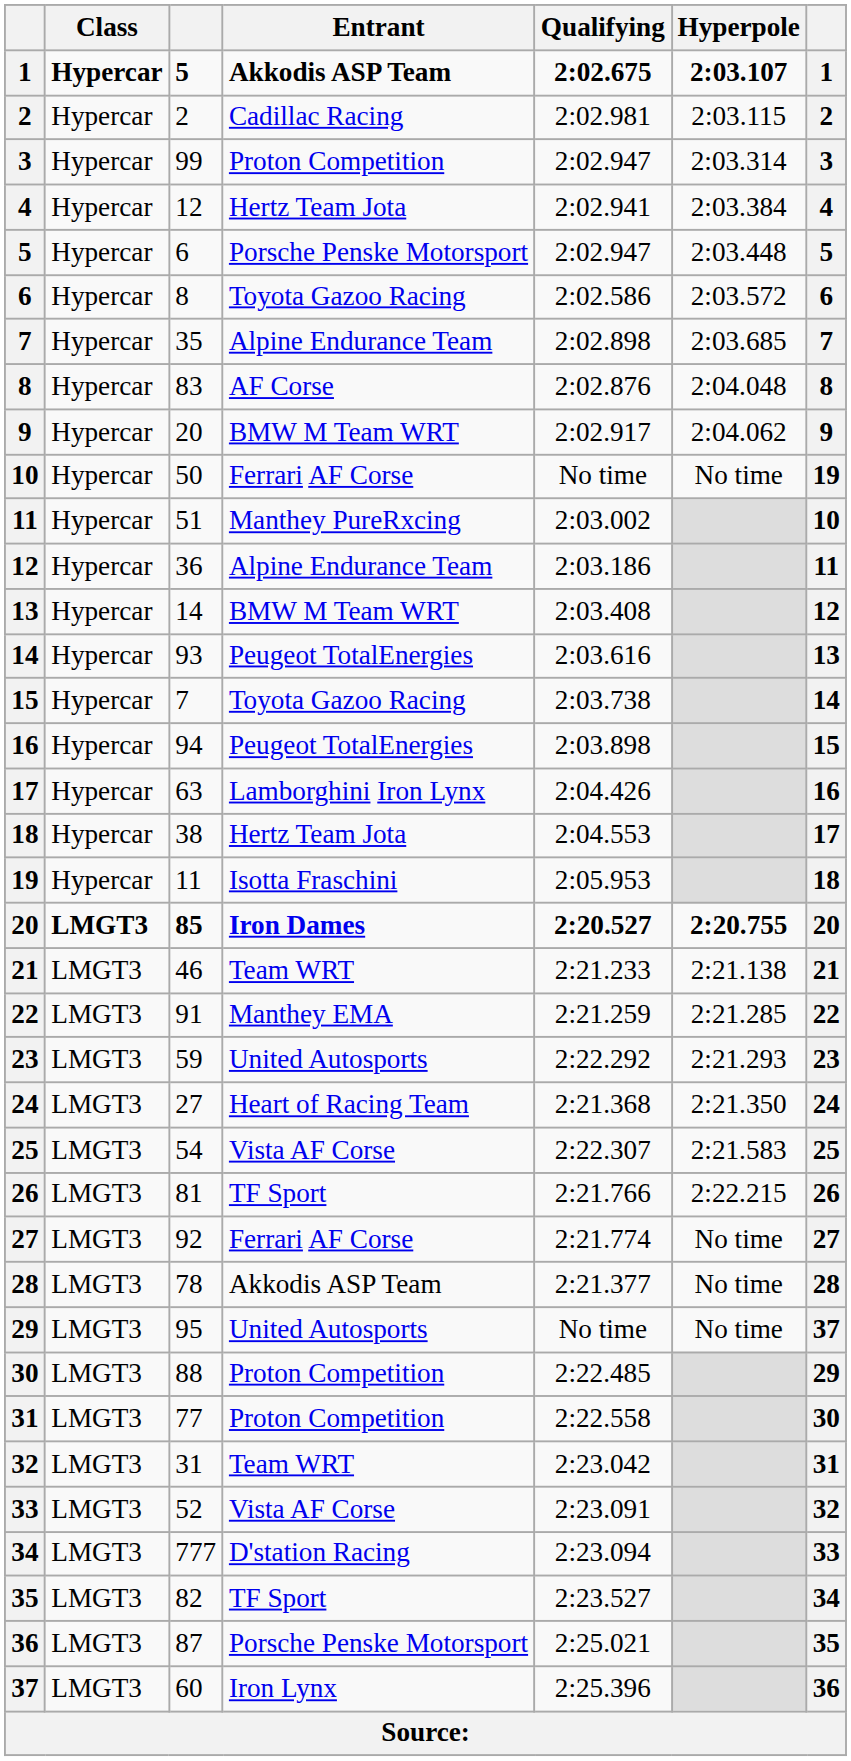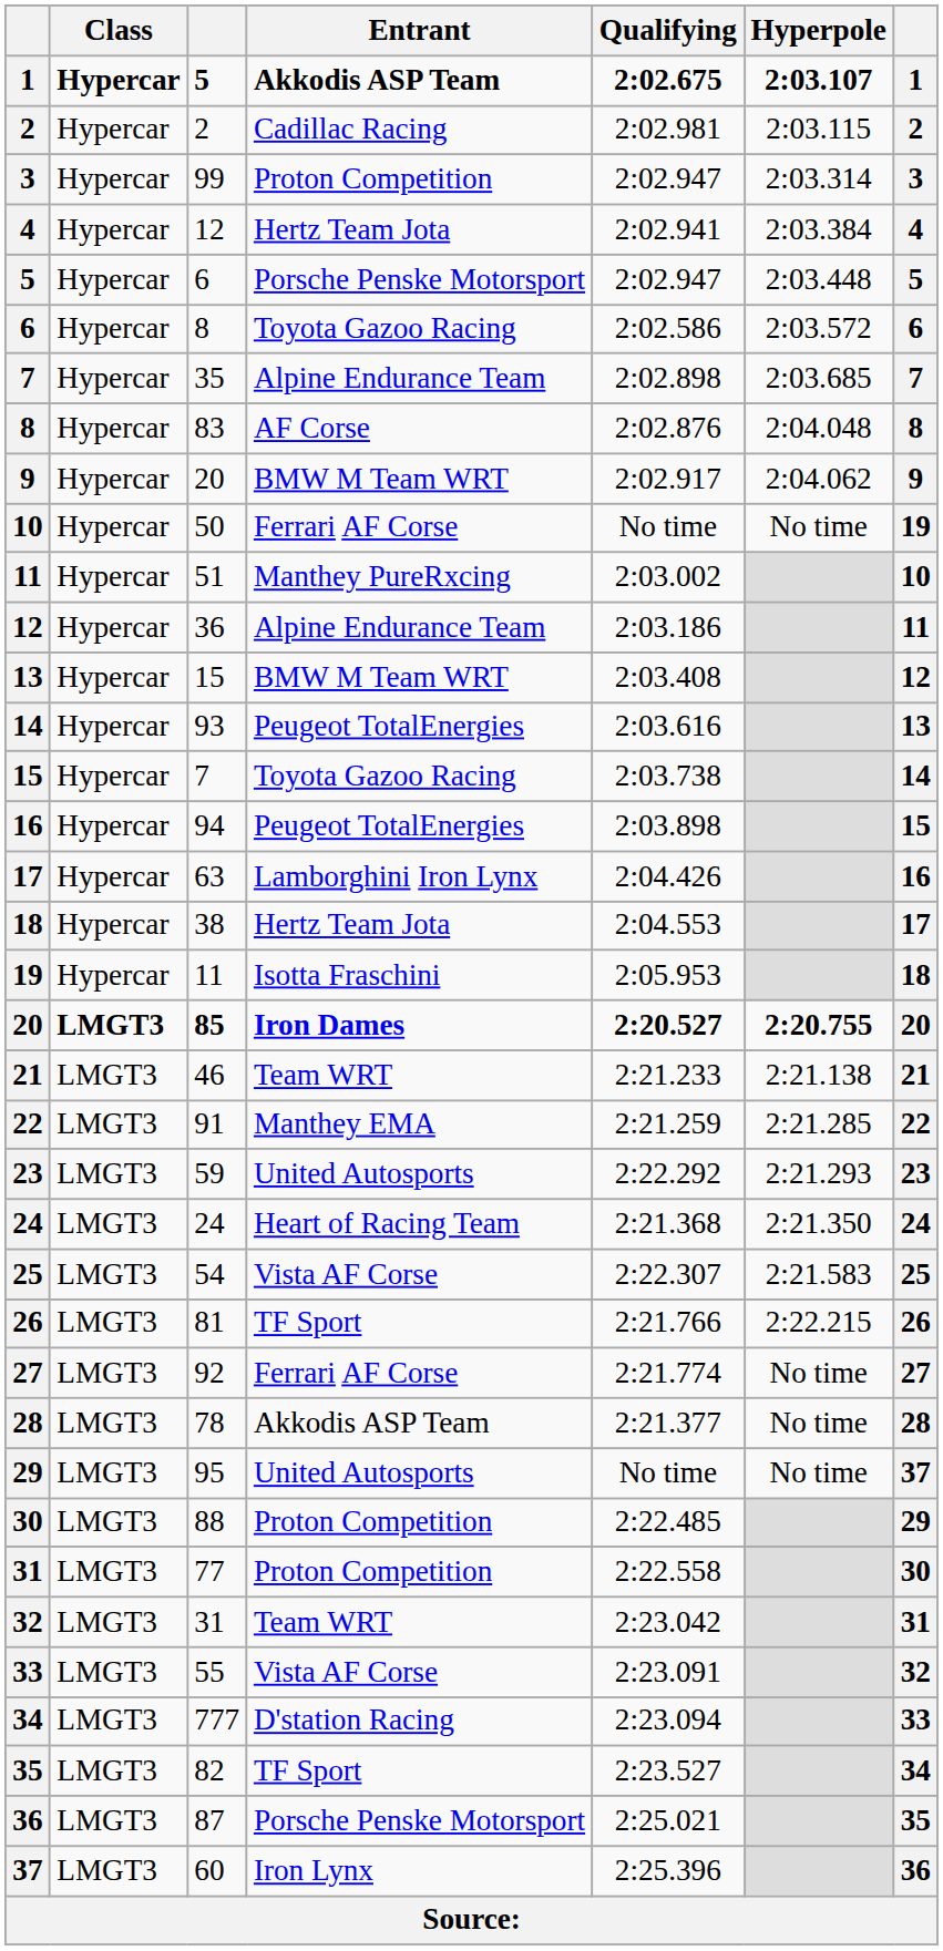 <table class="wikitable sortable" style="font-size:90%;">
 <tr>
 <th></th>
 <th>Class</th>
 <th></th>
 <th>Entrant</th>
 <th>Qualifying</th>
 <th>Hyperpole</th>
 <th></th>
 </tr>
 <tr style="font-weight:bold">
 <th>1</th>
 <td>Hypercar</td>
 <td>5</td>
 <td> Akkodis ASP Team</td>
 <td style="text-align:center;">2:02.675</td>
 <td style="text-align:center;">2:03.107</td>
 <th>1</th>
 </tr>
 <tr>
 <th>2</th>
 <td>Hypercar</td>
 <td>2</td>
 <td> <a href='#'>Cadillac Racing</a></td>
 <td style="text-align:center;">2:02.981</td>
 <td style="text-align:center;">2:03.115</td>
 <th>2</th>
 </tr>
 <tr>
 <th>3</th>
 <td>Hypercar</td>
 <td>99</td>
 <td> <a href='#'>Proton Competition</a></td>
 <td style="text-align:center;">2:02.947</td>
 <td style="text-align:center;">2:03.314</td>
 <th>3</th>
 </tr>
 <tr>
 <th>4</th>
 <td>Hypercar</td>
 <td>12</td>
 <td> <a href='#'>Hertz Team Jota</a></td>
 <td style="text-align:center;">2:02.941</td>
 <td style="text-align:center;">2:03.384</td>
 <th>4</th>
 </tr>
 <tr>
 <th>5</th>
 <td>Hypercar</td>
 <td>6</td>
 <td> <a href='#'>Porsche Penske Motorsport</a></td>
 <td style="text-align:center;">2:02.947</td>
 <td style="text-align:center;">2:03.448</td>
 <th>5</th>
 </tr>
 <tr>
 <th>6</th>
 <td>Hypercar</td>
 <td>8</td>
 <td> <a href='#'>Toyota Gazoo Racing</a></td>
 <td style="text-align:center;">2:02.586</td>
 <td style="text-align:center;">2:03.572</td>
 <th>6</th>
 </tr>
 <tr>
 <th>7</th>
 <td>Hypercar</td>
 <td>35</td>
 <td> <a href='#'>Alpine Endurance Team</a></td>
 <td style="text-align:center;">2:02.898</td>
 <td style="text-align:center;">2:03.685</td>
 <th>7</th>
 </tr>
 <tr>
 <th>8</th>
 <td>Hypercar</td>
 <td>83</td>
 <td> <a href='#'>AF Corse</a></td>
 <td style="text-align:center;">2:02.876</td>
 <td style="text-align:center;">2:04.048</td>
 <th>8</th>
 </tr>
 <tr>
 <th>9</th>
 <td>Hypercar</td>
 <td>20</td>
 <td> <a href='#'>BMW M Team WRT</a></td>
 <td style="text-align:center;">2:02.917</td>
 <td style="text-align:center;">2:04.062</td>
 <th>9</th>
 </tr>
 <tr>
 <th>10</th>
 <td>Hypercar</td>
 <td>50</td>
 <td> <a href='#'>Ferrari</a> <a href='#'>AF Corse</a></td>
 <td style="text-align:center;">No time</td>
 <td style="text-align:center;">No time</td>
 <th>19</th>
 </tr>
 <tr>
 <th>11</th>
 <td>Hypercar</td>
 <td>51</td>
 <td> <a href='#'>Manthey PureRxcing</a></td>
 <td style="text-align:center;">2:03.002</td>
 <td style="text-align:center; background:#ddd;"></td>
 <th>10</th>
 </tr>
 <tr>
 <th>12</th>
 <td>Hypercar</td>
 <td>36</td>
 <td> <a href='#'>Alpine Endurance Team</a></td>
 <td style="text-align:center;">2:03.186</td>
 <td style="text-align:center; background:#ddd;"></td>
 <th>11</th>
 </tr>
 <tr>
 <th>13</th>
 <td>Hypercar</td>
-<td>14</td>
+<td>15</td>
 <td> <a href='#'>BMW M Team WRT</a></td>
 <td style="text-align:center;">2:03.408</td>
 <td style="text-align:center; background:#ddd;"></td>
 <th>12</th>
 </tr>
 <tr>
 <th>14</th>
 <td>Hypercar</td>
 <td>93</td>
 <td> <a href='#'>Peugeot TotalEnergies</a></td>
 <td style="text-align:center;">2:03.616</td>
 <td style="text-align:center; background:#ddd;"></td>
 <th>13</th>
 </tr>
 <tr>
 <th>15</th>
 <td>Hypercar</td>
 <td>7</td>
 <td> <a href='#'>Toyota Gazoo Racing</a></td>
 <td style="text-align:center;">2:03.738</td>
 <td style="text-align:center; background:#ddd;"></td>
 <th>14</th>
 </tr>
 <tr>
 <th>16</th>
 <td>Hypercar</td>
 <td>94</td>
 <td> <a href='#'>Peugeot TotalEnergies</a></td>
 <td style="text-align:center;">2:03.898</td>
 <td style="text-align:center; background:#ddd;"></td>
 <th>15</th>
 </tr>
 <tr>
 <th>17</th>
 <td>Hypercar</td>
 <td>63</td>
 <td> <a href='#'>Lamborghini</a> <a href='#'>Iron Lynx</a></td>
 <td style="text-align:center;">2:04.426</td>
 <td style="text-align:center; background:#ddd;"></td>
 <th>16</th>
 </tr>
 <tr>
 <th>18</th>
 <td>Hypercar</td>
 <td>38</td>
 <td> <a href='#'>Hertz Team Jota</a></td>
 <td style="text-align:center;">2:04.553</td>
 <td style="text-align:center; background:#ddd;"></td>
 <th>17</th>
 </tr>
 <tr>
 <th>19</th>
 <td>Hypercar</td>
 <td>11</td>
 <td> <a href='#'>Isotta Fraschini</a></td>
 <td style="text-align:center;">2:05.953</td>
 <td style="text-align:center; background:#ddd;"></td>
 <th>18</th>
 </tr>
 <tr style="font-weight:bold">
 <th>20</th>
 <td>LMGT3</td>
 <td>85</td>
 <td> <a href='#'>Iron Dames</a></td>
 <td style="text-align:center;">2:20.527</td>
 <td style="text-align:center;">2:20.755</td>
 <th>20</th>
 </tr>
 <tr>
 <th>21</th>
 <td>LMGT3</td>
 <td>46</td>
 <td> <a href='#'>Team WRT</a></td>
 <td style="text-align:center;">2:21.233</td>
 <td style="text-align:center;">2:21.138</td>
 <th>21</th>
 </tr>
 <tr>
 <th>22</th>
 <td>LMGT3</td>
 <td>91</td>
 <td> <a href='#'>Manthey EMA</a></td>
 <td style="text-align:center;">2:21.259</td>
 <td style="text-align:center;">2:21.285</td>
 <th>22</th>
 </tr>
 <tr>
 <th>23</th>
 <td>LMGT3</td>
 <td>59</td>
 <td> <a href='#'>United Autosports</a></td>
 <td style="text-align:center;">2:22.292</td>
 <td style="text-align:center;">2:21.293</td>
 <th>23</th>
 </tr>
 <tr>
 <th>24</th>
 <td>LMGT3</td>
-<td>27</td>
+<td>24</td>
 <td> <a href='#'>Heart of Racing Team</a></td>
 <td style="text-align:center;">2:21.368</td>
 <td style="text-align:center;">2:21.350</td>
 <th>24</th>
 </tr>
 <tr>
 <th>25</th>
 <td>LMGT3</td>
 <td>54</td>
 <td> <a href='#'>Vista AF Corse</a></td>
 <td style="text-align:center;">2:22.307</td>
 <td style="text-align:center;">2:21.583</td>
 <th>25</th>
 </tr>
 <tr>
 <th>26</th>
 <td>LMGT3</td>
 <td>81</td>
 <td> <a href='#'>TF Sport</a></td>
 <td style="text-align:center;">2:21.766</td>
 <td style="text-align:center;">2:22.215</td>
 <th>26</th>
 </tr>
 <tr>
 <th>27</th>
 <td>LMGT3</td>
 <td>92</td>
 <td> <a href='#'>Ferrari</a> <a href='#'>AF Corse</a></td>
 <td style="text-align:center;">2:21.774</td>
 <td style="text-align:center;">No time</td>
 <th>27</th>
 </tr>
 <tr>
 <th>28</th>
 <td>LMGT3</td>
 <td>78</td>
 <td> Akkodis ASP Team</td>
 <td style="text-align:center;">2:21.377</td>
 <td style="text-align:center;">No time</td>
 <th>28</th>
 </tr>
 <tr>
 <th>29</th>
 <td>LMGT3</td>
 <td>95</td>
 <td> <a href='#'>United Autosports</a></td>
 <td style="text-align:center;">No time</td>
 <td style="text-align:center;">No time</td>
 <th>37</th>
 </tr>
 <tr>
 <th>30</th>
 <td>LMGT3</td>
 <td>88</td>
 <td> <a href='#'>Proton Competition</a></td>
 <td style="text-align:center;">2:22.485</td>
 <td style="text-align:center; background:#ddd;"></td>
 <th>29</th>
 </tr>
 <tr>
 <th>31</th>
 <td>LMGT3</td>
 <td>77</td>
 <td> <a href='#'>Proton Competition</a></td>
 <td style="text-align:center;">2:22.558</td>
 <td style="text-align:center; background:#ddd;"></td>
 <th>30</th>
 </tr>
 <tr>
 <th>32</th>
 <td>LMGT3</td>
 <td>31</td>
 <td> <a href='#'>Team WRT</a></td>
 <td style="text-align:center;">2:23.042</td>
 <td style="text-align:center; background:#ddd;"></td>
 <th>31</th>
 </tr>
 <tr>
 <th>33</th>
 <td>LMGT3</td>
-<td>52</td>
+<td>55</td>
 <td> <a href='#'>Vista AF Corse</a></td>
 <td style="text-align:center;">2:23.091</td>
 <td style="text-align:center; background:#ddd;"></td>
 <th>32</th>
 </tr>
 <tr>
 <th>34</th>
 <td>LMGT3</td>
 <td>777</td>
 <td> <a href='#'>D'station Racing</a></td>
 <td style="text-align:center;">2:23.094</td>
 <td style="text-align:center; background:#ddd;"></td>
 <th>33</th>
 </tr>
 <tr>
 <th>35</th>
 <td>LMGT3</td>
 <td>82</td>
 <td> <a href='#'>TF Sport</a></td>
 <td style="text-align:center;">2:23.527</td>
 <td style="text-align:center; background:#ddd;"></td>
 <th>34</th>
 </tr>
 <tr>
 <th>36</th>
 <td>LMGT3</td>
 <td>87</td>
 <td> <a href='#'>Porsche Penske Motorsport</a></td>
 <td style="text-align:center;">2:25.021</td>
 <td style="text-align:center; background:#ddd;"></td>
 <th>35</th>
 </tr>
 <tr>
 <th>37</th>
 <td>LMGT3</td>
 <td>60</td>
 <td> <a href='#'>Iron Lynx</a></td>
 <td style="text-align:center;">2:25.396</td>
 <td style="text-align:center; background:#ddd;"></td>
 <th>36</th>
 </tr>
 <tr>
 <th colspan="7">Source:</th>
 </tr>
 </table>
